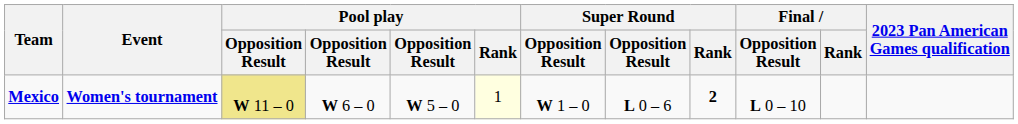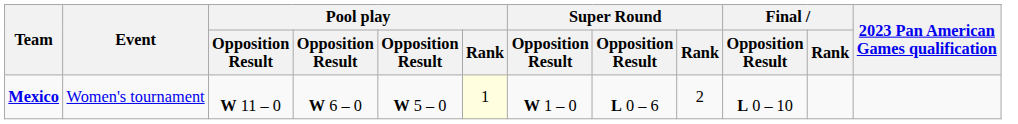 <table class="wikitable" style="text-align:center">
 <tr>
 <th rowspan="2">Team</th>
 <th rowspan="2">Event</th>
 <th colspan="4">Pool play</th>
 <th colspan="3">Super Round</th>
 <th colspan="2">Final / </th>
 <th style="white-space: nowrap;"rowspan="2"><a href='#'>2023 Pan American <br> Games qualification</a></th>
 </tr>
 <tr>
 <th>Opposition<br>Result</th>
 <th>Opposition<br>Result</th>
 <th>Opposition<br>Result</th>
 <th>Rank</th>
 <th>Opposition<br>Result</th>
 <th>Opposition<br>Result</th>
 <th>Rank</th>
 <th>Opposition<br>Result</th>
 <th>Rank</th>
 </tr>
 <tr>
 <td align="left"><a href='#'><strong>Mexico</strong></a></td>
-<td style="white-space: nowrap;"><strong><a href='#'>Women's tournament</a></strong></td>
-<td style="background: khaki;"><br><strong>W</strong> 11 – 0</td>
+<td style="white-space: nowrap;"><a href='#'>Women's tournament</a></td>
+<td><br><strong>W</strong> 11 – 0</td>
 <td><br><strong>W</strong> 6 – 0</td>
 <td><br><strong>W</strong> 5 – 0</td>
 <td style="background: lightyellow;">1</td>
 <td><br><strong>W</strong> 1 – 0</td>
 <td><br><strong>L</strong> 0 – 6</td>
-<td><strong>2</strong></td>
+<td>2</td>
 <td><br><strong>L</strong> 0 – 10</td>
 <td></td>
 <td></td>
 </tr>
 </table>
